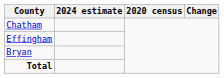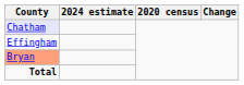 <table class="wikitable sortable">
 <tr>
 <th>County</th>
 <th>2024 estimate</th>
 <th>2020 census</th>
 <th>Change</th>
 </tr>
 <tr>
-<td><a href='#'>Chatham</a></td>
+<td style="background: lavender;"><a href='#'>Chatham</a></td>
 <td></td>
 </tr>
 <tr>
 <td><a href='#'>Effingham</a></td>
 <td></td>
 </tr>
 <tr>
-<td><a href='#'>Bryan</a></td>
+<td style="background: lightsalmon;"><a href='#'>Bryan</a></td>
 <td></td>
 </tr>
 <tr class="sortbottom">
 <td align="right"><strong>Total</strong></td>
 <td></td>
 </tr>
 </table>
